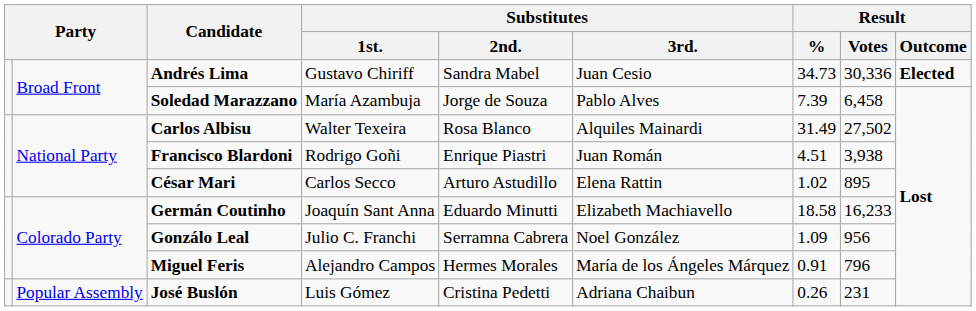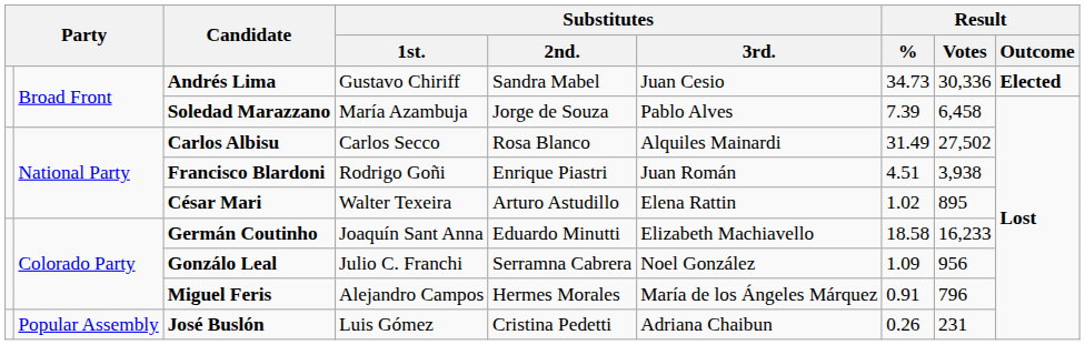 <table class="wikitable">
 <tr>
 <th colspan="2" rowspan="2">Party</th>
 <th rowspan="2">Candidate</th>
 <th colspan="3">Substitutes</th>
 <th colspan="3">Result</th>
 </tr>
 <tr>
 <th>1st.</th>
 <th>2nd.</th>
 <th>3rd.</th>
 <th>%</th>
 <th>Votes</th>
 <th>Outcome</th>
 </tr>
 <tr>
 <td rowspan="2" style="background:"></td>
 <td rowspan="2"><a href='#'>Broad Front</a></td>
 <td><strong>Andrés Lima</strong></td>
 <td>Gustavo Chiriff</td>
 <td>Sandra Mabel</td>
 <td>Juan Cesio</td>
 <td>34.73</td>
 <td>30,336</td>
 <td><strong>Elected</strong> </td>
 </tr>
 <tr>
 <td><strong>Soledad Marazzano</strong></td>
 <td>María Azambuja</td>
 <td>Jorge de Souza</td>
 <td>Pablo Alves</td>
 <td>7.39</td>
 <td>6,458</td>
 <td rowspan="8"><strong>Lost</strong> </td>
 </tr>
 <tr>
 <td rowspan="3" style="background:"></td>
 <td rowspan="3"><a href='#'>National Party</a></td>
 <td><strong>Carlos Albisu</strong></td>
-<td>Walter Texeira</td>
+<td>Carlos Secco</td>
 <td>Rosa Blanco</td>
 <td>Alquiles Mainardi</td>
 <td>31.49</td>
 <td>27,502</td>
 </tr>
 <tr>
 <td><strong>Francisco Blardoni</strong></td>
 <td>Rodrigo Goñi</td>
 <td>Enrique Piastri</td>
 <td>Juan Román</td>
 <td>4.51</td>
 <td>3,938</td>
 </tr>
 <tr>
 <td><strong>César Mari</strong></td>
-<td>Carlos Secco</td>
+<td>Walter Texeira</td>
 <td>Arturo Astudillo</td>
 <td>Elena Rattin</td>
 <td>1.02</td>
 <td>895</td>
 </tr>
 <tr>
 <td rowspan="3" style="background:"></td>
 <td rowspan="3"><a href='#'>Colorado Party</a></td>
 <td><strong>Germán Coutinho</strong></td>
 <td>Joaquín Sant Anna</td>
 <td>Eduardo Minutti</td>
 <td>Elizabeth Machiavello</td>
 <td>18.58</td>
 <td>16,233</td>
 </tr>
 <tr>
 <td><strong>Gonzálo Leal</strong></td>
 <td>Julio C. Franchi</td>
 <td>Serramna Cabrera</td>
 <td>Noel González</td>
 <td>1.09</td>
 <td>956</td>
 </tr>
 <tr>
 <td><strong>Miguel Feris</strong></td>
 <td>Alejandro Campos</td>
 <td>Hermes Morales</td>
 <td>María de los Ángeles Márquez</td>
 <td>0.91</td>
 <td>796</td>
 </tr>
 <tr>
 <td style="background:"></td>
 <td><a href='#'>Popular Assembly</a></td>
 <td><strong>José Buslón</strong></td>
 <td>Luis Gómez</td>
 <td>Cristina Pedetti</td>
 <td>Adriana Chaibun</td>
 <td>0.26</td>
 <td>231</td>
 </tr>
 </table>
